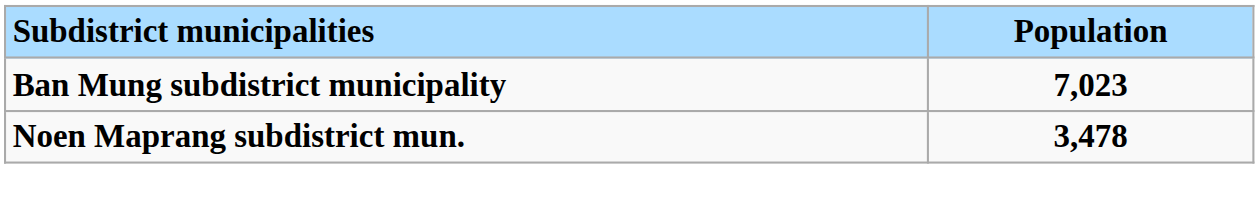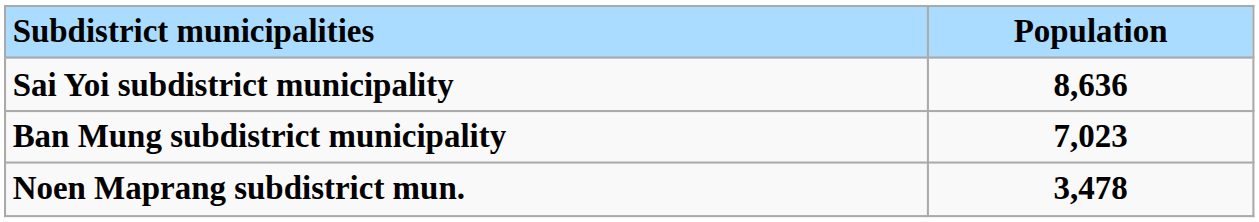 <table class="wikitable" style="width:48%; display:inline-table;">
 <tr>
 <th scope="col" style= "width:74%; background: #aadcff; text-align:left;"><strong>Subdistrict municipalities</strong></th>
 <th scope="col" style= "width:26%; background: #aadcff; text-align:center;"><strong>Population</strong></th>
+</tr>
+<tr>
+<td><strong>Sai Yoi subdistrict municipality</strong></td>
+<td style="text-align:center;"><strong>8,636</strong></td>
 </tr>
 <tr>
 <td><strong>Ban Mung subdistrict municipality</strong></td>
 <td style="text-align:center;"><strong>7,023</strong></td>
 </tr>
 <tr>
 <td><strong>Noen Maprang subdistrict mun.</strong></td>
 <td style="text-align:center;"><strong>3,478</strong></td>
 </tr>
 </table>
